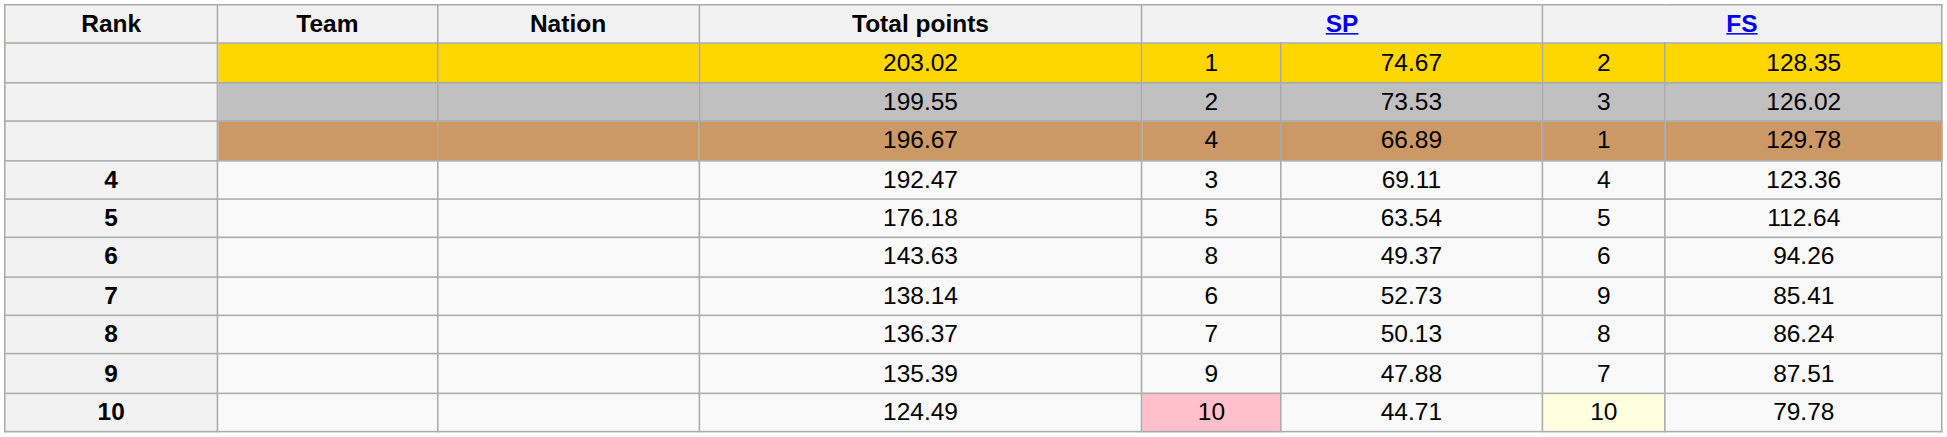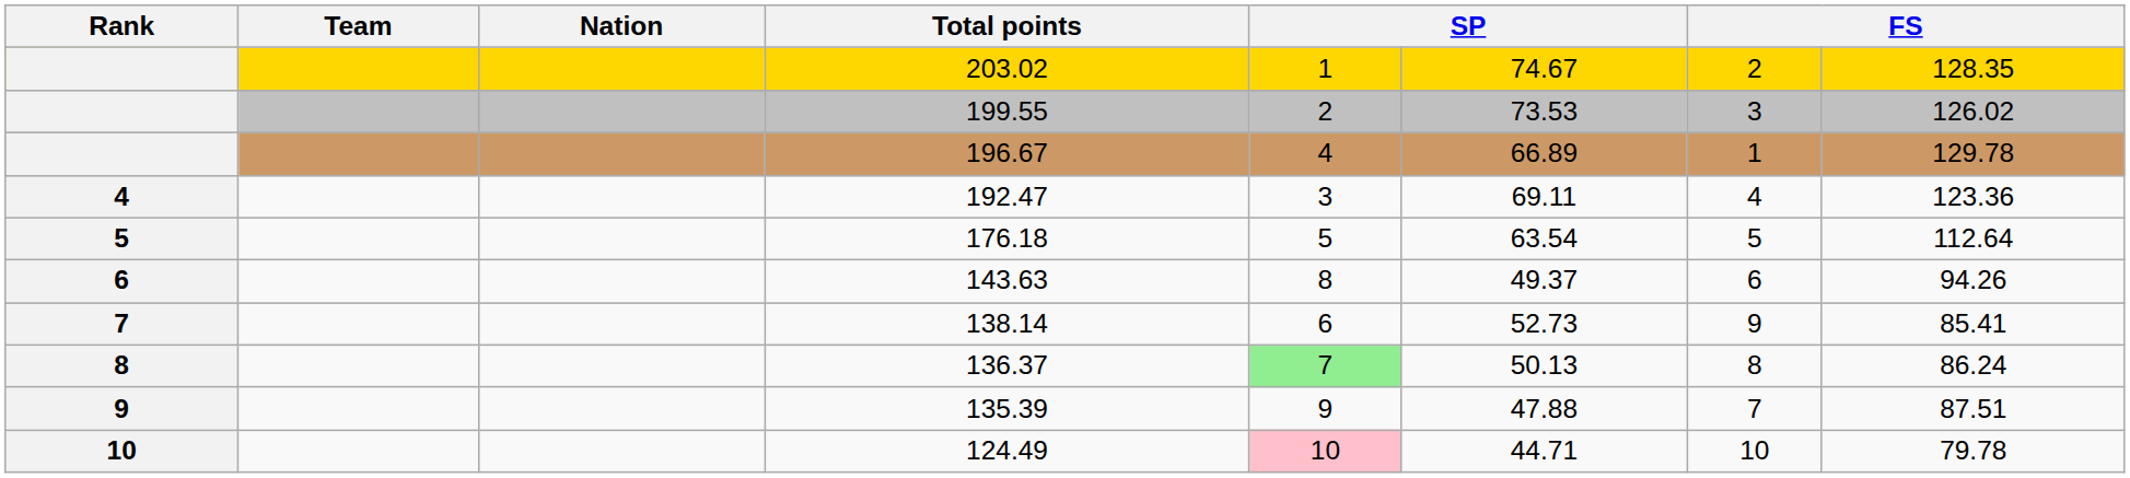 <table class="wikitable sortable" style="text-align:center;" width="80%">
 <tr>
 <th scope="col">Rank</th>
 <th scope="col">Team</th>
 <th scope="col">Nation</th>
 <th scope="col">Total points</th>
 <th scope="col" colspan="2" width="80px"><a href='#'>SP</a></th>
 <th scope="col" colspan="2" width="80px"><a href='#'>FS</a></th>
 </tr>
 <tr bgcolor="gold">
 <th scope="row"></th>
 <td align="left"></td>
 <td align="left"></td>
 <td>203.02</td>
 <td>1</td>
 <td>74.67</td>
 <td>2</td>
 <td>128.35</td>
 </tr>
 <tr bgcolor="silver">
 <th scope="row"></th>
 <td align="left"></td>
 <td align="left"></td>
 <td>199.55</td>
 <td>2</td>
 <td>73.53</td>
 <td>3</td>
 <td>126.02</td>
 </tr>
 <tr bgcolor="cc9966">
 <th scope="row"></th>
 <td align="left"></td>
 <td align="left"></td>
 <td>196.67</td>
 <td>4</td>
 <td>66.89</td>
 <td>1</td>
 <td>129.78</td>
 </tr>
 <tr>
 <th scope="row">4</th>
 <td align="left"></td>
 <td align="left"></td>
 <td>192.47</td>
 <td>3</td>
 <td>69.11</td>
 <td>4</td>
 <td>123.36</td>
 </tr>
 <tr>
 <th scope="row">5</th>
 <td align="left"></td>
 <td align="left"></td>
 <td>176.18</td>
 <td>5</td>
 <td>63.54</td>
 <td>5</td>
 <td>112.64</td>
 </tr>
 <tr>
 <th scope="row">6</th>
 <td align="left"></td>
 <td align="left"></td>
 <td>143.63</td>
 <td>8</td>
 <td>49.37</td>
 <td>6</td>
 <td>94.26</td>
 </tr>
 <tr>
 <th scope="row">7</th>
 <td align="left"></td>
 <td align="left"></td>
 <td>138.14</td>
 <td>6</td>
 <td>52.73</td>
 <td>9</td>
 <td>85.41</td>
 </tr>
 <tr>
 <th scope="row">8</th>
 <td align="left"></td>
 <td align="left"></td>
 <td>136.37</td>
-<td>7</td>
+<td style="background: lightgreen;">7</td>
 <td>50.13</td>
 <td>8</td>
 <td>86.24</td>
 </tr>
 <tr>
 <th scope="row">9</th>
 <td align="left"></td>
 <td align="left"></td>
 <td>135.39</td>
 <td>9</td>
 <td>47.88</td>
 <td>7</td>
 <td>87.51</td>
 </tr>
 <tr>
 <th scope="row">10</th>
 <td align="left"></td>
 <td align="left"></td>
 <td>124.49</td>
 <td style="background: pink;">10</td>
 <td>44.71</td>
-<td style="background: lightyellow;">10</td>
+<td>10</td>
 <td>79.78</td>
 </tr>
 </table>
